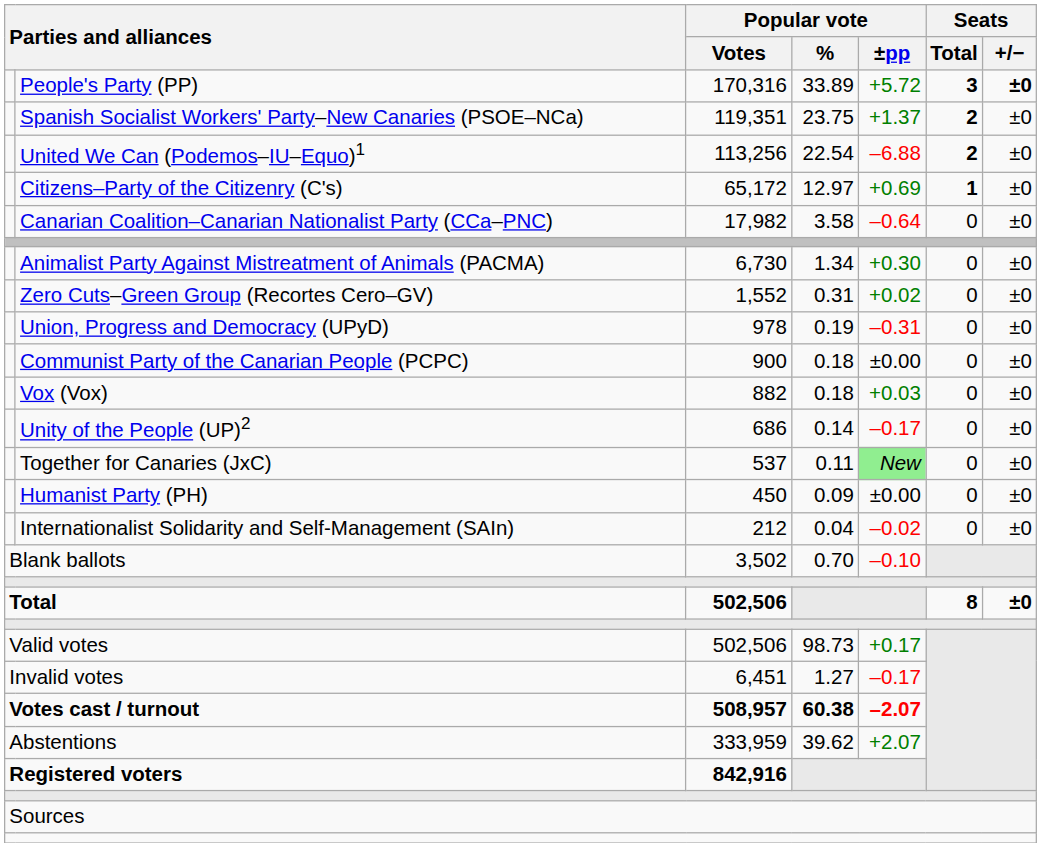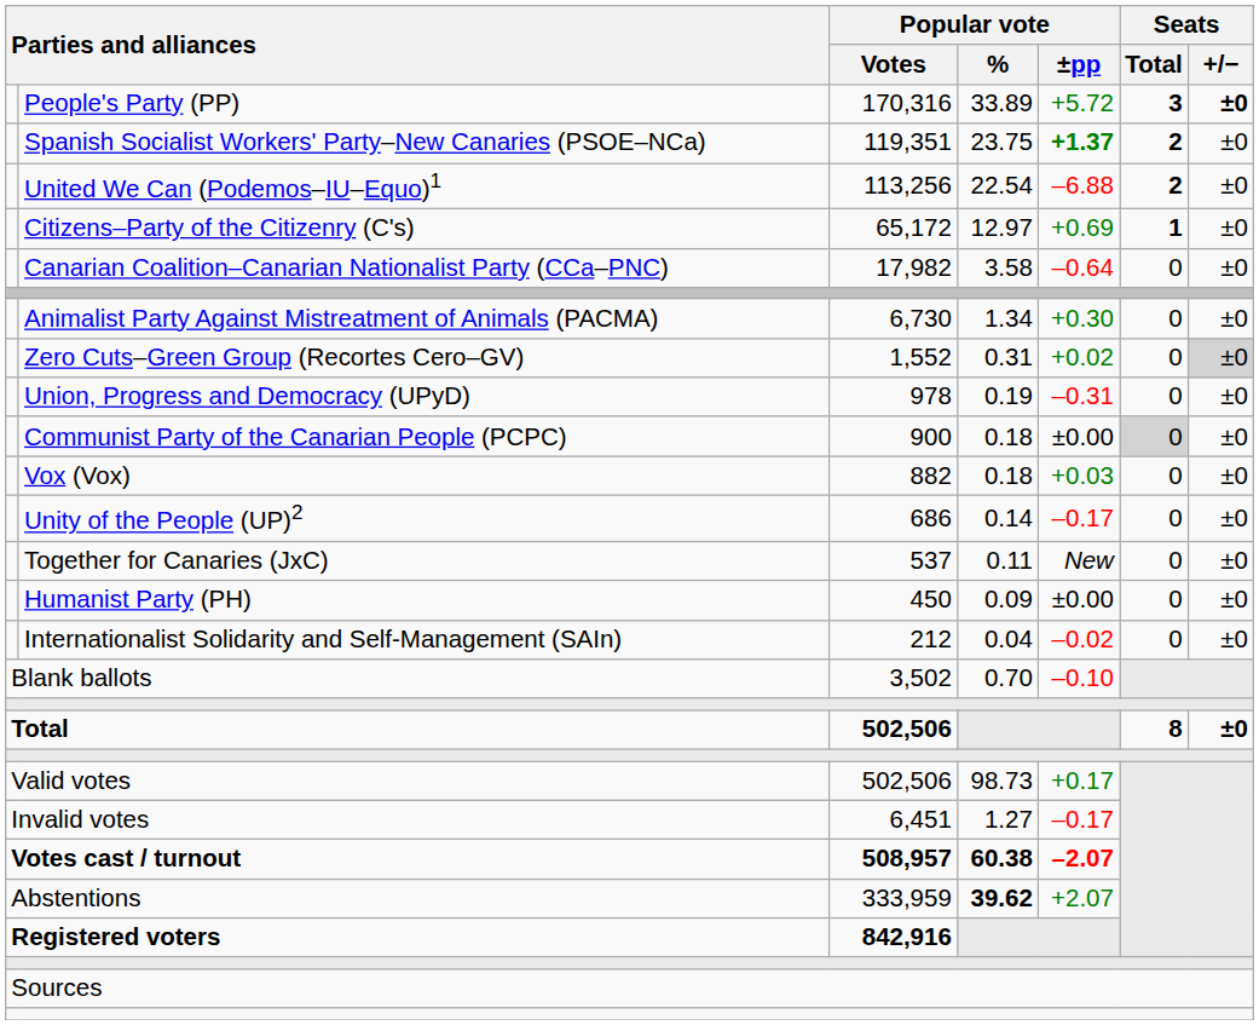 <table class="wikitable" style="text-align:right;">
 <tr>
 <th style="text-align:left;" rowspan="2" colspan="2" width="525">Parties and alliances</th>
 <th colspan="3">Popular vote</th>
 <th colspan="2">Seats</th>
 </tr>
 <tr>
 <th width="75">Votes</th>
 <th width="45">%</th>
 <th width="45">±<a href='#'>pp</a></th>
 <th width="35">Total</th>
 <th width="35">+/−</th>
 </tr>
 <tr>
 <td width="1" style="color:inherit;background:"></td>
 <td align="left"><a href='#'>People's Party</a> (PP)</td>
 <td>170,316</td>
 <td>33.89</td>
 <td style="color:green;">+5.72</td>
 <td><strong>3</strong></td>
 <td><strong>±0</strong></td>
 </tr>
 <tr>
 <td style="color:inherit;background:"></td>
 <td align="left"><a href='#'>Spanish Socialist Workers' Party</a>–<a href='#'>New Canaries</a> (PSOE–NCa)</td>
 <td>119,351</td>
 <td>23.75</td>
-<td style="color:green;">+1.37</td>
+<td style="color:green;"><strong>+1.37</strong></td>
 <td><strong>2</strong></td>
 <td>±0</td>
 </tr>
 <tr>
 <td width="1" style="color:inherit;background:"></td>
 <td align="left"><a href='#'>United We Can</a> (<a href='#'>Podemos</a>–<a href='#'>IU</a>–<a href='#'>Equo</a>)<sup>1</sup></td>
 <td>113,256</td>
 <td>22.54</td>
 <td style="color:red;">–6.88</td>
 <td><strong>2</strong></td>
 <td>±0</td>
 </tr>
 <tr>
 <td style="color:inherit;background:"></td>
 <td align="left"><a href='#'>Citizens–Party of the Citizenry</a> (C's)</td>
 <td>65,172</td>
 <td>12.97</td>
 <td style="color:green;">+0.69</td>
 <td><strong>1</strong></td>
 <td>±0</td>
 </tr>
 <tr>
 <td style="color:inherit;background:"></td>
 <td align="left"><a href='#'>Canarian Coalition–Canarian Nationalist Party</a> (<a href='#'>CCa</a>–<a href='#'>PNC</a>)</td>
 <td>17,982</td>
 <td>3.58</td>
 <td style="color:red;">–0.64</td>
 <td>0</td>
 <td>±0</td>
 </tr>
 <tr>
 <td colspan="7" bgcolor="#C0C0C0"></td>
 </tr>
 <tr>
 <td style="color:inherit;background:"></td>
 <td align="left"><a href='#'>Animalist Party Against Mistreatment of Animals</a> (PACMA)</td>
 <td>6,730</td>
 <td>1.34</td>
 <td style="color:green;">+0.30</td>
 <td>0</td>
 <td>±0</td>
 </tr>
 <tr>
 <td style="color:inherit;background:"></td>
 <td align="left"><a href='#'>Zero Cuts</a>–<a href='#'>Green Group</a> (Recortes Cero–GV)</td>
 <td>1,552</td>
 <td>0.31</td>
 <td style="color:green;">+0.02</td>
 <td>0</td>
-<td>±0</td>
+<td style="background: lightgrey;">±0</td>
 </tr>
 <tr>
 <td style="color:inherit;background:"></td>
 <td align="left"><a href='#'>Union, Progress and Democracy</a> (UPyD)</td>
 <td>978</td>
 <td>0.19</td>
 <td style="color:red;">–0.31</td>
 <td>0</td>
 <td>±0</td>
 </tr>
 <tr>
 <td style="color:inherit;background:"></td>
 <td align="left"><a href='#'>Communist Party of the Canarian People</a> (PCPC)</td>
 <td>900</td>
 <td>0.18</td>
 <td>±0.00</td>
-<td>0</td>
+<td style="background: lightgrey;">0</td>
 <td>±0</td>
 </tr>
 <tr>
 <td style="color:inherit;background:"></td>
 <td align="left"><a href='#'>Vox</a> (Vox)</td>
 <td>882</td>
 <td>0.18</td>
 <td style="color:green;">+0.03</td>
 <td>0</td>
 <td>±0</td>
 </tr>
 <tr>
 <td style="color:inherit;background:"></td>
 <td align="left"><a href='#'>Unity of the People</a> (UP)<sup>2</sup></td>
 <td>686</td>
 <td>0.14</td>
 <td style="color:red;">–0.17</td>
 <td>0</td>
 <td>±0</td>
 </tr>
 <tr>
 <td style="color:inherit;background:"></td>
 <td align="left">Together for Canaries (JxC)</td>
 <td>537</td>
 <td>0.11</td>
-<td style="background: lightgreen;"><em>New</em></td>
+<td><em>New</em></td>
 <td>0</td>
 <td>±0</td>
 </tr>
 <tr>
 <td style="color:inherit;background:"></td>
 <td align="left"><a href='#'>Humanist Party</a> (PH)</td>
 <td>450</td>
 <td>0.09</td>
 <td>±0.00</td>
 <td>0</td>
 <td>±0</td>
 </tr>
 <tr>
 <td style="color:inherit;background:"></td>
 <td align="left">Internationalist Solidarity and Self-Management (SAIn)</td>
 <td>212</td>
 <td>0.04</td>
 <td style="color:red;">–0.02</td>
 <td>0</td>
 <td>±0</td>
 </tr>
 <tr>
 <td align="left" colspan="2">Blank ballots</td>
 <td>3,502</td>
 <td>0.70</td>
 <td style="color:red;">–0.10</td>
 <td bgcolor="#E9E9E9" colspan="2"></td>
 </tr>
 <tr>
 <td colspan="7" bgcolor="#E9E9E9"></td>
 </tr>
 <tr style="font-weight:bold;">
 <td align="left" colspan="2">Total</td>
 <td>502,506</td>
 <td bgcolor="#E9E9E9" colspan="2"></td>
 <td>8</td>
 <td>±0</td>
 </tr>
 <tr>
 <td colspan="7" bgcolor="#E9E9E9"></td>
 </tr>
 <tr>
 <td align="left" colspan="2">Valid votes</td>
 <td>502,506</td>
 <td>98.73</td>
 <td style="color:green;">+0.17</td>
 <td bgcolor="#E9E9E9" colspan="2" rowspan="5"></td>
 </tr>
 <tr>
 <td align="left" colspan="2">Invalid votes</td>
 <td>6,451</td>
 <td>1.27</td>
 <td style="color:red;">–0.17</td>
 </tr>
 <tr style="font-weight:bold;">
 <td align="left" colspan="2">Votes cast / turnout</td>
 <td>508,957</td>
 <td>60.38</td>
 <td style="color:red;">–2.07</td>
 </tr>
 <tr>
 <td align="left" colspan="2">Abstentions</td>
 <td>333,959</td>
-<td>39.62</td>
+<td><strong>39.62</strong></td>
 <td style="color:green;">+2.07</td>
 </tr>
 <tr style="font-weight:bold;">
 <td align="left" colspan="2">Registered voters</td>
 <td>842,916</td>
 <td bgcolor="#E9E9E9" colspan="2"></td>
 </tr>
 <tr>
 <td colspan="7" bgcolor="#E9E9E9"></td>
 </tr>
 <tr>
 <td align="left" colspan="7">Sources</td>
 </tr>
 <tr>
 <td colspan="7" style="text-align:left; max-width:790px;"></td>
 </tr>
 </table>
